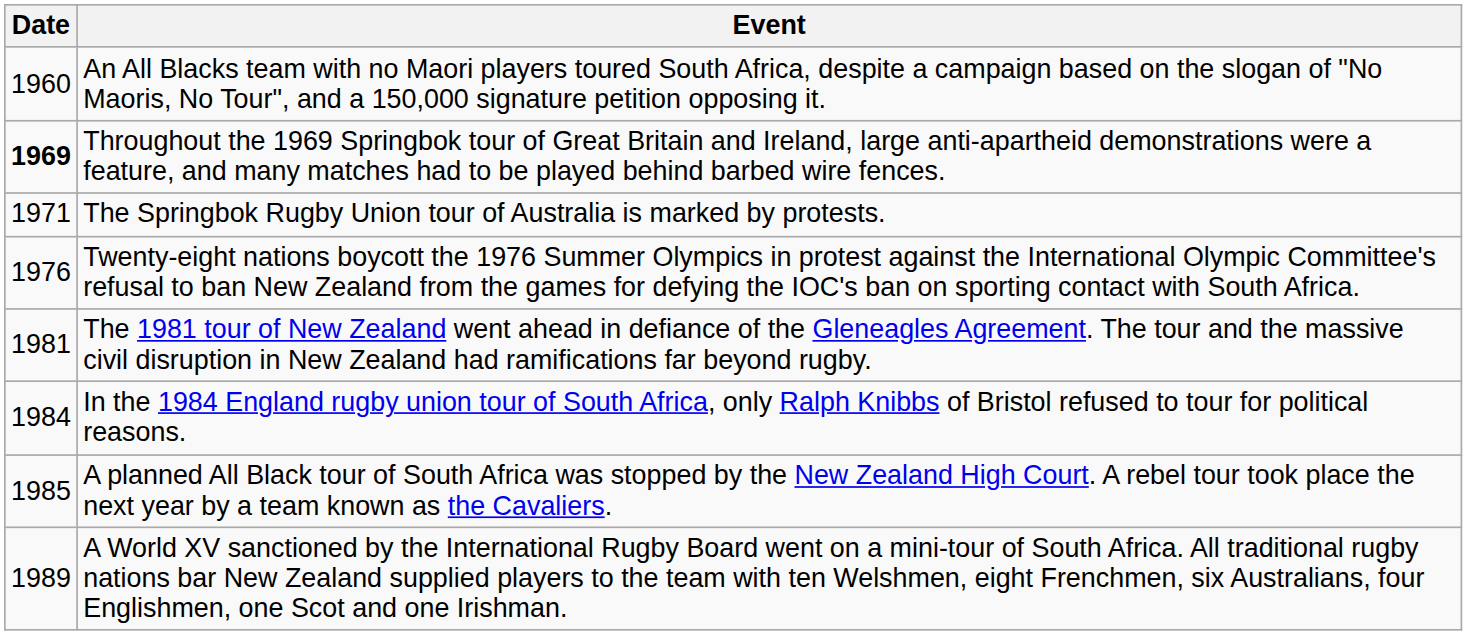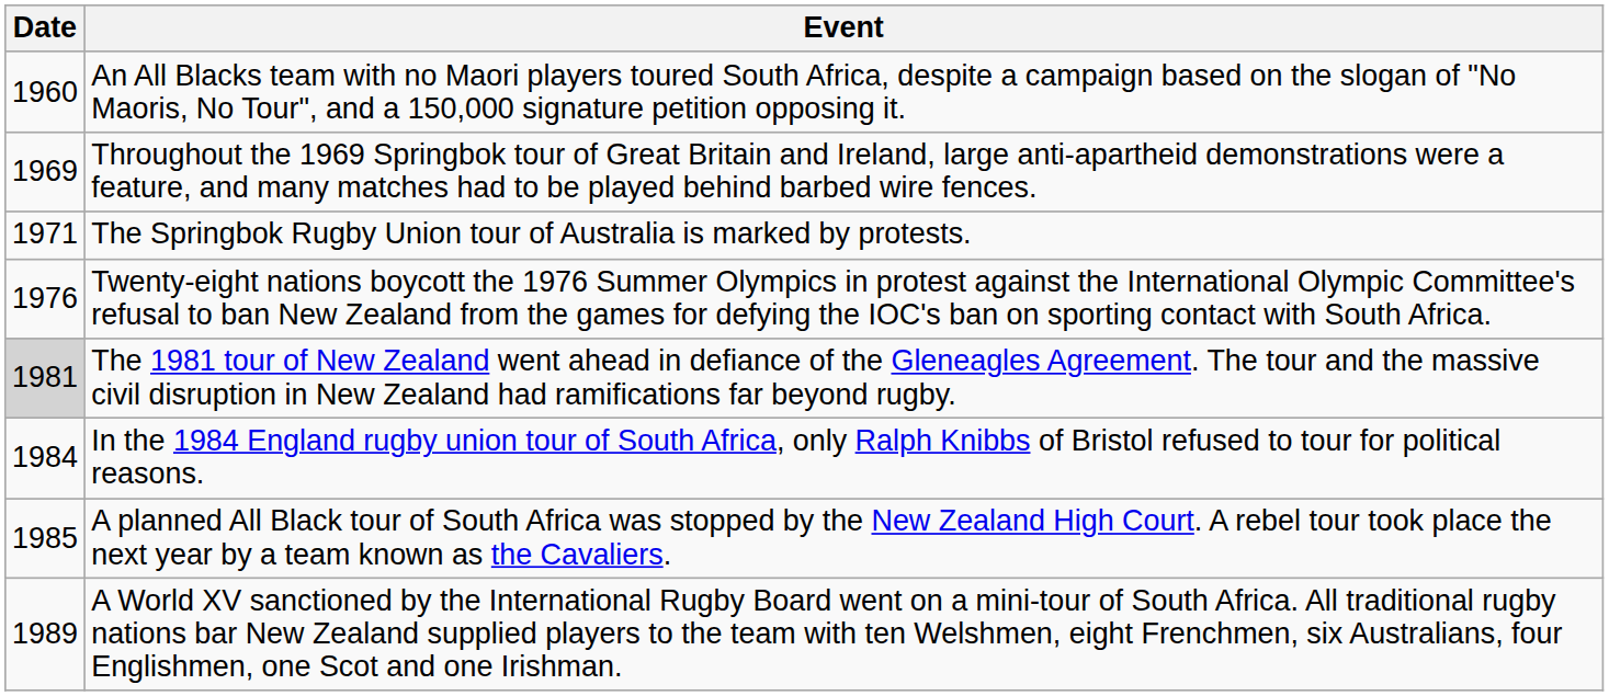 <table class="wikitable">
 <tr>
 <th>Date</th>
 <th>Event</th>
 </tr>
 <tr>
 <td>1960</td>
 <td>An All Blacks team with no Maori players toured South Africa, despite a campaign based on the slogan of "No Maoris, No Tour", and a 150,000 signature petition opposing it.</td>
 </tr>
 <tr>
-<td><strong>1969</strong></td>
+<td>1969</td>
 <td>Throughout the 1969 Springbok tour of Great Britain and Ireland, large anti-apartheid demonstrations were a feature, and many matches had to be played behind barbed wire fences.</td>
 </tr>
 <tr>
 <td>1971</td>
 <td>The Springbok Rugby Union tour of Australia is marked by protests.</td>
 </tr>
 <tr>
 <td>1976</td>
 <td>Twenty-eight nations boycott the 1976 Summer Olympics in protest against the International Olympic Committee's refusal to ban New Zealand from the games for defying the IOC's ban on sporting contact with South Africa.</td>
 </tr>
 <tr>
-<td>1981</td>
+<td style="background: lightgrey;">1981</td>
 <td>The <a href='#'>1981 tour of New Zealand</a> went ahead in defiance of the <a href='#'>Gleneagles Agreement</a>. The tour and the massive civil disruption in New Zealand had ramifications far beyond rugby.</td>
 </tr>
 <tr>
 <td>1984</td>
 <td>In the <a href='#'>1984 England rugby union tour of South Africa</a>, only <a href='#'>Ralph Knibbs</a> of Bristol refused to tour for political reasons.</td>
 </tr>
 <tr>
 <td>1985</td>
 <td>A planned All Black tour of South Africa was stopped by the <a href='#'>New Zealand High Court</a>. A rebel tour took place the next year by a team known as <a href='#'>the Cavaliers</a>.</td>
 </tr>
 <tr>
 <td>1989</td>
 <td>A World XV sanctioned by the International Rugby Board went on a mini-tour of South Africa. All traditional rugby nations bar New Zealand supplied players to the team with ten Welshmen, eight Frenchmen, six Australians, four Englishmen, one Scot and one Irishman.</td>
 </tr>
 </table>
